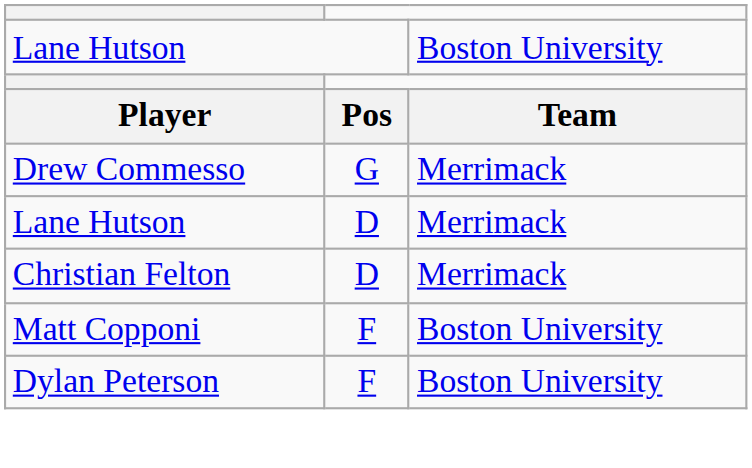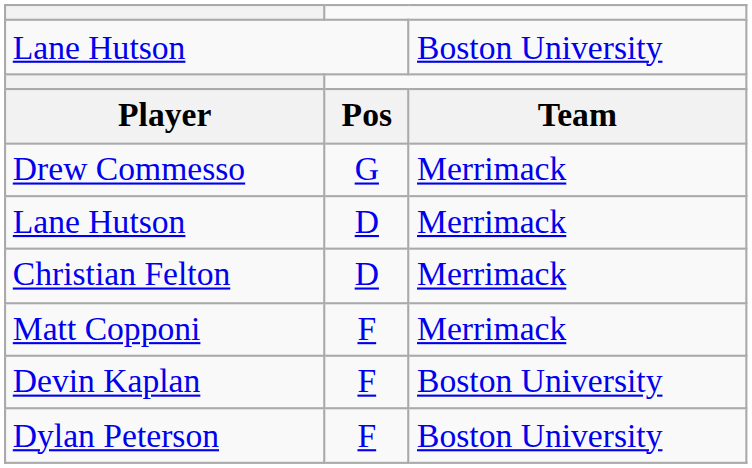 <table class="wikitable" width=40%>
 <tr>
 <th><a href='#'></a></th>
 </tr>
 <tr>
 <td colspan=2><a href='#'>Lane Hutson</a></td>
 <td><a href='#'>Boston University</a></td>
 </tr>
 <tr>
 <th><a href='#'></a></th>
 </tr>
 <tr>
 <th>Player</th>
 <th>Pos</th>
 <th>Team</th>
 </tr>
 <tr>
 <td><a href='#'>Drew Commesso</a></td>
 <td style="text-align:center;"><a href='#'>G</a></td>
 <td><a href='#'>Merrimack</a></td>
 </tr>
 <tr>
 <td><a href='#'>Lane Hutson</a></td>
 <td style="text-align:center;"><a href='#'>D</a></td>
 <td><a href='#'>Merrimack</a></td>
 </tr>
 <tr>
 <td><a href='#'>Christian Felton</a></td>
 <td style="text-align:center;"><a href='#'>D</a></td>
 <td><a href='#'>Merrimack</a></td>
 </tr>
 <tr>
 <td><a href='#'>Matt Copponi</a></td>
 <td style="text-align:center;"><a href='#'>F</a></td>
+<td><a href='#'>Merrimack</a></td>
+</tr>
+<tr>
+<td><a href='#'>Devin Kaplan</a></td>
+<td style="text-align:center;"><a href='#'>F</a></td>
 <td><a href='#'>Boston University</a></td>
 </tr>
 <tr>
 <td><a href='#'>Dylan Peterson</a></td>
 <td style="text-align:center;"><a href='#'>F</a></td>
 <td><a href='#'>Boston University</a></td>
 </tr>
 </table>
